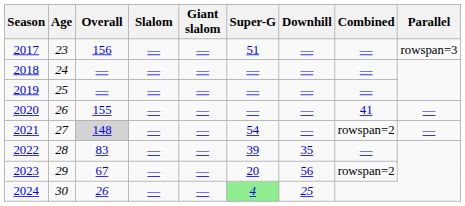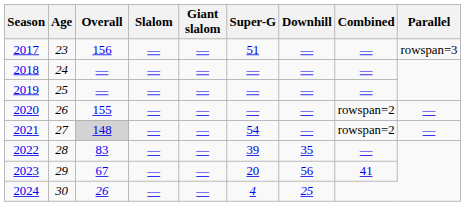 <table class=wikitable style="text-align:center">
 <tr>
 <th>Season</th>
 <th>Age</th>
 <th> Overall </th>
 <th> Slalom </th>
 <th>Giant<br> slalom </th>
 <th>Super-G</th>
 <th>Downhill</th>
 <th>Combined</th>
 <th>Parallel</th>
 </tr>
 <tr>
 <td><a href='#'>2017</a></td>
 <td><em>23</em></td>
 <td><a href='#'>156</a></td>
 <td><a href='#'>—</a></td>
 <td><a href='#'>—</a></td>
 <td><a href='#'>51</a></td>
 <td><a href='#'>—</a></td>
 <td><a href='#'>—</a></td>
 <td>rowspan=3 </td>
 </tr>
 <tr>
 <td><a href='#'>2018</a></td>
 <td><em>24</em></td>
 <td><a href='#'>—</a></td>
 <td><a href='#'>—</a></td>
 <td><a href='#'>—</a></td>
 <td><a href='#'>—</a></td>
 <td><a href='#'>—</a></td>
 <td><a href='#'>—</a></td>
 </tr>
 <tr>
 <td><a href='#'>2019</a></td>
 <td><em>25</em></td>
 <td><a href='#'>—</a></td>
 <td><a href='#'>—</a></td>
 <td><a href='#'>—</a></td>
 <td><a href='#'>—</a></td>
 <td><a href='#'>—</a></td>
 <td><a href='#'>—</a></td>
 </tr>
 <tr>
 <td><a href='#'>2020</a></td>
 <td><em>26</em></td>
 <td><a href='#'>155</a></td>
 <td><a href='#'>—</a></td>
 <td><a href='#'>—</a></td>
 <td><a href='#'>—</a></td>
 <td><a href='#'>—</a></td>
-<td><a href='#'>41</a></td>
+<td>rowspan=2 </td>
 <td><a href='#'>—</a></td>
 </tr>
 <tr>
 <td><a href='#'>2021</a></td>
 <td><em>27</em></td>
 <td style="background: lightgrey;"><a href='#'>148</a></td>
 <td><a href='#'>—</a></td>
 <td><a href='#'>—</a></td>
 <td><a href='#'>54</a></td>
 <td><a href='#'>—</a></td>
 <td>rowspan=2 </td>
 <td><a href='#'>—</a></td>
 </tr>
 <tr>
 <td><a href='#'>2022</a></td>
 <td><em>28</em></td>
 <td><a href='#'>83</a></td>
 <td><a href='#'>—</a></td>
 <td><a href='#'>—</a></td>
 <td><a href='#'>39</a></td>
 <td><a href='#'>35</a></td>
 <td><a href='#'>—</a></td>
 </tr>
 <tr>
 <td><a href='#'>2023</a></td>
 <td><em>29</em></td>
 <td><a href='#'>67</a></td>
 <td><a href='#'>—</a></td>
 <td><a href='#'>—</a></td>
 <td><a href='#'>20</a></td>
 <td><a href='#'>56</a></td>
-<td>rowspan=2 </td>
+<td><a href='#'>41</a></td>
 </tr>
 <tr>
 <td><a href='#'>2024</a></td>
 <td><em>30</em></td>
 <td><a href='#'><em>26</em></a></td>
 <td><a href='#'>—</a></td>
 <td><a href='#'>—</a></td>
-<td style="background: lightgreen;"><a href='#'><em>4</em></a></td>
+<td><a href='#'><em>4</em></a></td>
 <td><a href='#'><em>25</em></a></td>
 </tr>
 </table>
